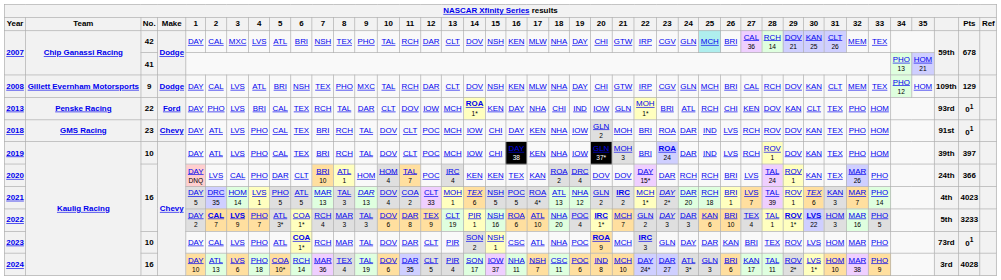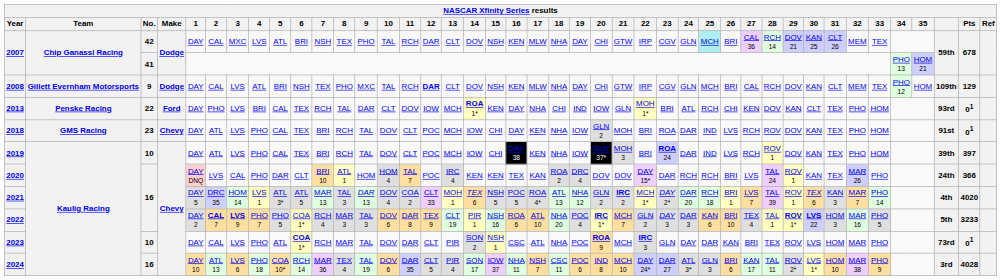 <table class="wikitable" style="text-align:center; font-size:75%">
 <tr>
 <th colspan=45><a href='#'>NASCAR Xfinity Series</a> results</th>
 </tr>
 <tr>
 <th>Year</th>
 <th>Team</th>
 <th>No.</th>
 <th>Make</th>
 <th>1</th>
 <th>2</th>
 <th>3</th>
 <th>4</th>
 <th>5</th>
 <th>6</th>
 <th>7</th>
 <th>8</th>
 <th>9</th>
 <th>10</th>
 <th>11</th>
 <th>12</th>
 <th>13</th>
 <th>14</th>
 <th>15</th>
 <th>16</th>
 <th>17</th>
 <th>18</th>
 <th>19</th>
 <th>20</th>
 <th>21</th>
 <th>22</th>
 <th>23</th>
 <th>24</th>
 <th>25</th>
 <th>26</th>
 <th>27</th>
 <th>28</th>
 <th>29</th>
 <th>30</th>
 <th>31</th>
 <th>32</th>
 <th>33</th>
 <th>34</th>
 <th>35</th>
 <th></th>
 <th>Pts</th>
 <th>Ref</th>
 </tr>
 <tr>
 <th rowspan=2><a href='#'>2007</a></th>
 <th rowspan=2><a href='#'>Chip Ganassi Racing</a></th>
 <th>42</th>
 <th rowspan=2><a href='#'>Dodge</a></th>
 <td><a href='#'>DAY</a></td>
 <td><a href='#'>CAL</a></td>
 <td><a href='#'>MXC</a></td>
 <td><a href='#'>LVS</a></td>
 <td><a href='#'>ATL</a></td>
 <td><a href='#'>BRI</a></td>
 <td><a href='#'>NSH</a></td>
 <td><a href='#'>TEX</a></td>
 <td><a href='#'>PHO</a></td>
 <td><a href='#'>TAL</a></td>
 <td><a href='#'>RCH</a></td>
 <td><a href='#'>DAR</a></td>
 <td><a href='#'>CLT</a></td>
 <td><a href='#'>DOV</a></td>
 <td><a href='#'>NSH</a></td>
 <td><a href='#'>KEN</a></td>
 <td><a href='#'>MLW</a></td>
 <td><a href='#'>NHA</a></td>
 <td><a href='#'>DAY</a></td>
 <td><a href='#'>CHI</a></td>
 <td><a href='#'>GTW</a></td>
 <td><a href='#'>IRP</a></td>
 <td><a href='#'>CGV</a></td>
 <td><a href='#'>GLN</a></td>
 <td style="background: paleturquoise;"><a href='#'>MCH</a></td>
 <td><a href='#'>BRI</a></td>
 <td style="background:#EFCFFF;"><a href='#'>CAL</a><br><small>36</small></td>
 <td style="background:#DFFFDF;"><a href='#'>RCH</a><br><small>14</small></td>
 <td style="background:#CFCFFF;"><a href='#'>DOV</a><br><small>21</small></td>
 <td style="background:#CFCFFF;"><a href='#'>KAN</a><br><small>25</small></td>
 <td style="background:#CFCFFF;"><a href='#'>CLT</a><br><small>26</small></td>
 <td><a href='#'>MEM</a></td>
 <td><a href='#'>TEX</a></td>
 <td colspan=2></td>
 <th rowspan=2>59th</th>
 <th rowspan=2>678</th>
 <th rowspan=2></th>
 </tr>
 <tr>
 <th>41</th>
 <td colspan=33></td>
 <td style="background:#DFFFDF;"><a href='#'>PHO</a><br><small>13</small></td>
 <td style="background:#CFCFFF;"><a href='#'>HOM</a><br><small>21</small></td>
 </tr>
 <tr>
 <th><a href='#'>2008</a></th>
 <th><a href='#'>Gillett Evernham Motorsports</a></th>
 <th>9</th>
 <th><a href='#'>Dodge</a></th>
 <td><a href='#'>DAY</a></td>
 <td><a href='#'>CAL</a></td>
 <td><a href='#'>LVS</a></td>
 <td><a href='#'>ATL</a></td>
 <td><a href='#'>BRI</a></td>
 <td><a href='#'>NSH</a></td>
 <td><a href='#'>TEX</a></td>
 <td><a href='#'>PHO</a></td>
 <td><a href='#'>MXC</a></td>
 <td><a href='#'>TAL</a></td>
 <td><a href='#'>RCH</a></td>
-<td><a href='#'>DAR</a></td>
+<td><strong><a href='#'>DAR</a></strong></td>
 <td><a href='#'>CLT</a></td>
 <td><a href='#'>DOV</a></td>
 <td><a href='#'>NSH</a></td>
 <td><a href='#'>KEN</a></td>
 <td><a href='#'>MLW</a></td>
 <td><a href='#'>NHA</a></td>
 <td><a href='#'>DAY</a></td>
 <td><a href='#'>CHI</a></td>
 <td><a href='#'>GTW</a></td>
 <td><a href='#'>IRP</a></td>
 <td><a href='#'>CGV</a></td>
 <td><a href='#'>GLN</a></td>
 <td><a href='#'>MCH</a></td>
 <td><a href='#'>BRI</a></td>
 <td><a href='#'>CAL</a></td>
 <td><a href='#'>RCH</a></td>
 <td><a href='#'>DOV</a></td>
 <td><a href='#'>KAN</a></td>
 <td><a href='#'>CLT</a></td>
 <td><a href='#'>MEM</a></td>
 <td><a href='#'>TEX</a></td>
 <td style="background:#DFFFDF;"><a href='#'>PHO</a><br><small>12</small></td>
 <td><a href='#'>HOM</a></td>
 <th>109th</th>
 <th>129</th>
 <th></th>
 </tr>
 <tr>
 <th><a href='#'>2013</a></th>
 <th><a href='#'>Penske Racing</a></th>
 <th>22</th>
 <th><a href='#'>Ford</a></th>
 <td><a href='#'>DAY</a></td>
 <td><a href='#'>PHO</a></td>
 <td><a href='#'>LVS</a></td>
 <td><a href='#'>BRI</a></td>
 <td><a href='#'>CAL</a></td>
 <td><a href='#'>TEX</a></td>
 <td><a href='#'>RCH</a></td>
 <td><a href='#'>TAL</a></td>
 <td><a href='#'>DAR</a></td>
 <td><a href='#'>CLT</a></td>
 <td><a href='#'>DOV</a></td>
 <td><a href='#'>IOW</a></td>
 <td><a href='#'>MCH</a></td>
 <td style="background:#FFFFBF;"><strong><a href='#'>ROA</a></strong><br><small>1*</small></td>
 <td><a href='#'>KEN</a></td>
 <td><a href='#'>DAY</a></td>
 <td><a href='#'>NHA</a></td>
 <td><a href='#'>CHI</a></td>
 <td><a href='#'>IND</a></td>
 <td><a href='#'>IOW</a></td>
 <td><a href='#'>GLN</a></td>
 <td style="background:#FFFFBF;"><a href='#'>MOH</a><br><small>1*</small></td>
 <td><a href='#'>BRI</a></td>
 <td><a href='#'>ATL</a></td>
 <td><a href='#'>RCH</a></td>
 <td><a href='#'>CHI</a></td>
 <td><a href='#'>KEN</a></td>
 <td><a href='#'>DOV</a></td>
 <td><a href='#'>KAN</a></td>
 <td><a href='#'>CLT</a></td>
 <td><a href='#'>TEX</a></td>
 <td><a href='#'>PHO</a></td>
 <td><a href='#'>HOM</a></td>
 <td colspan=2></td>
 <th>93rd</th>
 <th>0<sup>1</sup></th>
 <th></th>
 </tr>
 <tr>
 <th><a href='#'>2018</a></th>
 <th><a href='#'>GMS Racing</a></th>
 <th>23</th>
 <th><a href='#'>Chevy</a></th>
 <td><a href='#'>DAY</a></td>
 <td><a href='#'>ATL</a></td>
 <td><a href='#'>LVS</a></td>
 <td><a href='#'>PHO</a></td>
 <td><a href='#'>CAL</a></td>
 <td><a href='#'>TEX</a></td>
 <td><a href='#'>BRI</a></td>
 <td><a href='#'>RCH</a></td>
 <td><a href='#'>TAL</a></td>
 <td><a href='#'>DOV</a></td>
 <td><a href='#'>CLT</a></td>
 <td><a href='#'>POC</a></td>
 <td><a href='#'>MCH</a></td>
 <td><a href='#'>IOW</a></td>
 <td><a href='#'>CHI</a></td>
 <td><a href='#'>DAY</a></td>
 <td><a href='#'>KEN</a></td>
 <td><a href='#'>NHA</a></td>
 <td><a href='#'>IOW</a></td>
 <td style="background:#DFDFDF;"><a href='#'>GLN</a><br><small>2</small></td>
 <td><a href='#'>MOH</a></td>
 <td><a href='#'>BRI</a></td>
 <td><a href='#'>ROA</a></td>
 <td><a href='#'>DAR</a></td>
 <td><a href='#'>IND</a></td>
 <td><a href='#'>LVS</a></td>
 <td><a href='#'>RCH</a></td>
 <td><a href='#'>ROV</a></td>
 <td><a href='#'>DOV</a></td>
 <td><a href='#'>KAN</a></td>
 <td><a href='#'>TEX</a></td>
 <td><a href='#'>PHO</a></td>
 <td><a href='#'>HOM</a></td>
 <td colspan=2></td>
 <th>91st</th>
 <th>0<sup>1</sup></th>
 <th></th>
 </tr>
 <tr>
 <th><a href='#'>2019</a></th>
 <th rowspan=6><a href='#'>Kaulig Racing</a></th>
 <th>10</th>
 <th rowspan=6><a href='#'>Chevy</a></th>
 <td><a href='#'>DAY</a></td>
 <td><a href='#'>ATL</a></td>
 <td><a href='#'>LVS</a></td>
 <td><a href='#'>PHO</a></td>
 <td><a href='#'>CAL</a></td>
 <td><a href='#'>TEX</a></td>
 <td><a href='#'>BRI</a></td>
 <td><a href='#'>RCH</a></td>
 <td><a href='#'>TAL</a></td>
 <td><a href='#'>DOV</a></td>
 <td><a href='#'>CLT</a></td>
 <td><a href='#'>POC</a></td>
 <td><a href='#'>MCH</a></td>
 <td><a href='#'>IOW</a></td>
 <td><a href='#'>CHI</a></td>
 <td style="background:#000000;color:white;"><a href='#'><span>DAY</span></a><br><small>38</small></td>
 <td><a href='#'>KEN</a></td>
 <td><a href='#'>NHA</a></td>
 <td><a href='#'>IOW</a></td>
 <td style="background:#000000;color:white;"><a href='#'><span>GLN</span></a><br><small>37*</small></td>
 <td style="background:#DFDFDF;"><a href='#'>MOH</a><br><small>3</small></td>
 <td><a href='#'>BRI</a></td>
 <td style="background:#CFCFFF;"><strong><a href='#'>ROA</a></strong><br><small>24</small></td>
 <td><a href='#'>DAR</a></td>
 <td><a href='#'>IND</a></td>
 <td><a href='#'>LVS</a></td>
 <td><a href='#'>RCH</a></td>
 <td style="background:#FFFFBF;"><a href='#'>ROV</a><br><small>1</small></td>
 <td><a href='#'>DOV</a></td>
 <td><a href='#'>KAN</a></td>
 <td><a href='#'>TEX</a></td>
 <td><a href='#'>PHO</a></td>
 <td><a href='#'>HOM</a></td>
 <td colspan=2></td>
 <th>39th</th>
 <th>397</th>
 <th></th>
 </tr>
 <tr>
 <th><a href='#'>2020</a></th>
 <th rowspan=3>16</th>
 <td style="background:#FFCFCF;"><a href='#'>DAY</a><br><small>DNQ</small></td>
 <td><a href='#'>LVS</a></td>
 <td><a href='#'>CAL</a></td>
 <td><a href='#'>PHO</a></td>
 <td><a href='#'>DAR</a></td>
 <td><a href='#'>CLT</a></td>
 <td style="background:#FFDF9F;"><a href='#'>BRI</a><br><small>10</small></td>
 <td style="background:#FFFFBF;"><a href='#'>ATL</a><br><small>1</small></td>
 <td><a href='#'>HOM</a></td>
 <td style="background:#DFDFDF;"><a href='#'>HOM</a><br><small>4</small></td>
 <td style="background:#FFDF9F;"><a href='#'>TAL</a><br><small>7</small></td>
 <td><a href='#'>POC</a></td>
 <td style="background:#DFDFDF;"><a href='#'>IRC</a><br><small>4</small></td>
 <td><a href='#'>KEN</a></td>
 <td><a href='#'>KEN</a></td>
 <td><a href='#'>TEX</a></td>
 <td><a href='#'>KAN</a></td>
 <td style="background:#DFDFDF;"><a href='#'>ROA</a><br><small>2</small></td>
 <td style="background:#DFDFDF;"><a href='#'>DRC</a><br><small>4</small></td>
 <td><a href='#'>DOV</a></td>
 <td><a href='#'>DOV</a></td>
 <td style="background:#EFCFFF;"><a href='#'>DAY</a><br><small>15*</small></td>
 <td><a href='#'>DAR</a></td>
 <td><a href='#'>RCH</a></td>
 <td><a href='#'>RCH</a></td>
 <td><a href='#'>BRI</a></td>
 <td><a href='#'>LVS</a></td>
 <td style="background:#EFCFFF;"><a href='#'>TAL</a><br><small>24</small></td>
 <td style="background:#FFFFBF;"><a href='#'>ROV</a><br><small>1</small></td>
 <td><a href='#'>KAN</a></td>
 <td><a href='#'>TEX</a></td>
 <td style="background:#CFCFFF;"><a href='#'>MAR</a><br><small>26</small></td>
 <td><a href='#'>PHO</a></td>
 <td colspan=2></td>
 <th>24th</th>
 <th>366</th>
 <th></th>
 </tr>
 <tr>
 <th><a href='#'>2021</a></th>
 <td style="background:#DFDFDF;"><a href='#'>DAY</a><br><small>5</small></td>
 <td style="background:#CFCFFF;"><a href='#'>DRC</a><br><small>35</small></td>
 <td style="background:#DFFFDF;"><a href='#'>HOM</a><br><small>14</small></td>
 <td style="background:#FFFFBF;"><a href='#'>LVS</a><br><small>1</small></td>
-<td style="background:#DFDFDF;"><a href='#'>PHO</a><br><small>5</small></td>
+<td style="background:#DFDFDF;"><a href='#'>ATL</a><br><small>3*</small></td>
 <td style="background:#DFDFDF;"><a href='#'>ATL</a><br><small>5</small></td>
 <td style="background:#DFFFDF;"><a href='#'>MAR</a><br><small>13</small></td>
 <td style="background:#DFDFDF;"><a href='#'>TAL</a><br><small>3</small></td>
 <td style="background:#DFFFDF;"><em><a href='#'>DAR</a></em><br><small>13</small></td>
 <td style="background:#DFDFDF;"><a href='#'>DOV</a><br><small>4</small></td>
 <td style="background:#DFDFDF;"><a href='#'>COA</a><br><small>2</small></td>
 <td style="background:#EFCFFF;"><a href='#'>CLT</a><br><small>33</small></td>
 <td style="background:#FFFFBF;"><a href='#'>MOH</a><br><small>1</small></td>
 <td style="background:#FFDF9F;"><em><a href='#'>TEX</a></em><br><small>6</small></td>
 <td style="background:#DFDFDF;"><a href='#'>NSH</a><br><small>5</small></td>
 <td style="background:#DFDFDF;"><a href='#'>POC</a><br><small>5</small></td>
 <td style="background:#DFDFDF;"><a href='#'>ROA</a><br><small>4*</small></td>
 <td style="background:#DFFFDF;"><a href='#'>ATL</a><br><small>13</small></td>
 <td style="background:#DFFFDF;"><a href='#'>NHA</a><br><small>12</small></td>
 <td style="background:#DFDFDF;"><a href='#'>GLN</a><br><small>2</small></td>
 <td style="background:#DFDFDF;"><strong><a href='#'>IRC</a></strong><br><small>2</small></td>
 <td style="background:#FFFFBF;"><a href='#'>MCH</a><br><small>1*</small></td>
 <td style="background:#DFDFDF;"><em><a href='#'>DAY</a></em><br><small>2*</small></td>
 <td style="background:#DFFFDF;"><a href='#'>DAR</a><br><small>20</small></td>
 <td style="background:#DFFFDF;"><a href='#'>RCH</a><br><small>18</small></td>
 <td style="background:#FFFFBF;"><a href='#'>BRI</a><br><small>1</small></td>
 <td style="background:#FFDF9F;"><a href='#'>LVS</a><br><small>7</small></td>
 <td style="background:#EFCFFF;"><a href='#'>TAL</a><br><small>39</small></td>
 <td style="background:#FFFFBF;"><a href='#'>ROV</a><br><small>1</small></td>
 <td style="background:#FFDF9F;"><em><a href='#'>TEX</a></em><br><small>6</small></td>
 <td style="background:#DFDFDF;"><a href='#'>KAN</a><br><small>3</small></td>
 <td style="background:#FFDF9F;'"><a href='#'>MAR</a><br><small>7</small></td>
 <td style="background:#DFFFDF;"><a href='#'>PHO</a><br><small>14</small></td>
 <td colspan=2></td>
 <th>4th</th>
-<th>4023</th>
+<th>4020</th>
 <th></th>
 </tr>
 <tr>
 <th><a href='#'>2022</a></th>
 <td style="background:#DFDFDF;"><a href='#'>DAY</a><br><small>2</small></td>
 <td style="background:#FFDF9F;"><strong><a href='#'>CAL</a></strong><br><small>7</small></td>
 <td style="background:#FFDF9F;"><strong><a href='#'>LVS</a></strong><br><small>9</small></td>
 <td style="background:#FFDF9F;"><a href='#'>PHO</a><br><small>7</small></td>
-<td style="background:#DFDFDF;"><a href='#'>ATL</a><br><small>3*</small></td>
+<td style="background:#DFDFDF;"><a href='#'>PHO</a><br><small>5</small></td>
 <td style="background:#FFFFBF;"><a href='#'>COA</a><br><small>1*</small></td>
 <td style="background:#DFDFDF;"><a href='#'>RCH</a><br><small>4</small></td>
 <td style="background:#DFDFDF;"><a href='#'>MAR</a><br><small>3</small></td>
 <td style="background:#DFDFDF;"><a href='#'>TAL</a><br><small>3</small></td>
 <td style="background:#FFDF9F;"><a href='#'>DOV</a><br><small>6</small></td>
 <td style="background:#FFDF9F;"><a href='#'>DAR</a><br><small>8</small></td>
 <td style="background:#FFDF9F;"><a href='#'>TEX</a><br><small>9</small></td>
 <td style="background:#DFFFDF;"><a href='#'>CLT</a><br><small>19</small></td>
 <td style="background:#FFFFBF;"><a href='#'>PIR</a><br><small>1</small></td>
 <td style="background:#DFFFDF;"><a href='#'>NSH</a><br><small>16</small></td>
 <td style="background:#FFDF9F;"><a href='#'>ROA</a><br><small>6</small></td>
 <td style="background:#FFDF9F;"><a href='#'>ATL</a><br><small>10</small></td>
 <td style="background:#DFFFDF;"><a href='#'>NHA</a><br><small>20</small></td>
 <td style="background:#DFDFDF;"><a href='#'>POC</a><br><small>4</small></td>
 <td style="background:#FFFFBF;"><strong><a href='#'>IRC</a></strong><br><small>1*</small></td>
 <td style="background:#FFDF9F;"><a href='#'>MCH</a><br><small>7</small></td>
 <td style="background:#DFDFDF;"><a href='#'>GLN</a><br><small>2</small></td>
 <td style="background:#DFDFDF;"><em><a href='#'>DAY</a></em><br><small>3</small></td>
 <td style="background:#DFDFDF;"><a href='#'>DAR</a><br><small>3</small></td>
 <td style="background:#FFDF9F;"><a href='#'>KAN</a><br><small>6</small></td>
 <td style="background:#FFDF9F;"><a href='#'>BRI</a><br><small>10</small></td>
 <td style="background:#DFDFDF;"><a href='#'>TEX</a><br><small>4</small></td>
 <td style="background:#FFFFBF;"><a href='#'>TAL</a><br><small>1</small></td>
 <td style="background:#FFFFBF;"><strong><a href='#'>ROV</a></strong><br><small>1*</small></td>
 <td style="background:#CFCFFF;"><strong><a href='#'>LVS</a></strong><br><small>22</small></td>
 <td style="background:#DFDFDF;"><a href='#'>HOM</a><br><small>3</small></td>
 <td style="background:#DFFFDF;"><a href='#'>MAR</a><br><small>16</small></td>
 <td style="background:#DFDFDF;"><a href='#'>PHO</a><br><small>5</small></td>
 <td colspan=2></td>
 <th>5th</th>
 <th>3233</th>
 <th></th>
 </tr>
 <tr>
 <th><a href='#'>2023</a></th>
 <th>10</th>
 <td><a href='#'>DAY</a></td>
 <td><a href='#'>CAL</a></td>
 <td><a href='#'>LVS</a></td>
 <td><a href='#'>PHO</a></td>
 <td><a href='#'>ATL</a></td>
 <td style="background:#FFFFBF;"><strong><a href='#'>COA</a></strong><br><small>1*</small></td>
 <td><a href='#'>RCH</a></td>
 <td><a href='#'>MAR</a></td>
 <td><a href='#'>TAL</a></td>
 <td><a href='#'>DOV</a></td>
 <td><a href='#'>DAR</a></td>
 <td><a href='#'>CLT</a></td>
 <td><a href='#'>PIR</a></td>
 <td style="background:#DFDFDF;"><a href='#'>SON</a><br><small>2</small></td>
 <td style="background:#FFFFBF;"><a href='#'>NSH</a><br><small>1</small></td>
 <td><a href='#'>CSC</a></td>
 <td><a href='#'>ATL</a></td>
 <td><a href='#'>NHA</a></td>
 <td><a href='#'>POC</a></td>
 <td style="background:#FFDF9F;"><strong><a href='#'>ROA</a></strong><br><small>9</small></td>
 <td><a href='#'>MCH</a></td>
 <td style="background:#DFDFDF;"><strong><a href='#'>IRC</a></strong><br><small>3</small></td>
 <td><a href='#'>GLN</a></td>
 <td><a href='#'>DAY</a></td>
 <td><a href='#'>DAR</a></td>
 <td><a href='#'>KAN</a></td>
 <td><a href='#'>BRI</a></td>
 <td><a href='#'>TEX</a></td>
 <td><a href='#'>ROV</a></td>
 <td><a href='#'>LVS</a></td>
 <td><a href='#'>HOM</a></td>
 <td><a href='#'>MAR</a></td>
 <td><a href='#'>PHO</a></td>
 <td colspan=2></td>
 <th>73rd</th>
 <th>0<sup>1</sup></th>
 <th></th>
 </tr>
 <tr>
 <th><a href='#'>2024</a></th>
 <th>16</th>
 <td style="background:#FFDF9F;"><a href='#'>DAY</a><br><small>10</small></td>
 <td style="background:#DFFFDF;"><a href='#'>ATL</a><br><small>13</small></td>
 <td style="background:#FFDF9F;"><a href='#'>LVS</a><br><small>6</small></td>
 <td style="background:#DFFFDF;"><a href='#'>PHO</a><br><small>18</small></td>
 <td style="background:#FFDF9F;"><a href='#'>COA</a><br><small>10*</small></td>
 <td style="background:#DFFFDF;"><a href='#'>RCH</a><br><small>14</small></td>
 <td style="background:#EFCFFF;"><a href='#'>MAR</a><br><small>36</small></td>
 <td style="background:#DFDFDF;"><a href='#'>TEX</a><br><small>4</small></td>
 <td style="background:#DFFFDF;"><a href='#'>TAL</a><br><small>19</small></td>
 <td style="background:#FFDF9F;"><a href='#'>DOV</a><br><small>6</small></td>
 <td style="background:#CFCFFF;"><a href='#'>DAR</a><br><small>35</small></td>
 <td style="background:#DFDFDF;"><a href='#'>CLT</a><br><small>5</small></td>
 <td style="background:#DFDFDF;"><a href='#'>PIR</a><br><small>4</small></td>
 <td style="background:#DFFFDF;"><a href='#'>SON</a><br><small>17</small></td>
 <td style="background:#EFCFFF;"><a href='#'>IOW</a><br><small>37</small></td>
 <td style="background:#DFFFDF;"><a href='#'>NHA</a><br><small>11</small></td>
 <td style="background:#FFDF9F;"><a href='#'>NSH</a><br><small>7</small></td>
 <td style="background:#DFFFDF;"><a href='#'>CSC</a><br><small>11</small></td>
 <td style="background:#FFDF9F;"><a href='#'>POC</a><br><small>6</small></td>
 <td style="background:#FFDF9F;"><a href='#'>IND</a><br><small>8</small></td>
 <td style="background:#FFDF9F;"><a href='#'>MCH</a><br><small>10</small></td>
 <td style="background:#CFCFFF;"><a href='#'>DAY</a><br><small>24*</small></td>
 <td style="background:#CFCFFF;"><a href='#'>DAR</a><br><small>27</small></td>
 <td style="background:#DFDFDF;"><a href='#'>ATL</a><br><small>3*</small></td>
 <td style="background:#DFDFDF;"><a href='#'>GLN</a><br><small>3</small></td>
 <td style="background:#FFDF9F;"><a href='#'>BRI</a><br><small>6</small></td>
 <td style="background:#DFFFDF;"><a href='#'>KAN</a><br><small>17</small></td>
 <td style="background:#DFFFDF;"><a href='#'>TAL</a><br><small>11</small></td>
 <td style="background:#DFDFDF;"><a href='#'>ROV</a><br><small>2*</small></td>
 <td style="background:#FFFFBF;"><a href='#'>LVS</a><br><small>1*</small></td>
 <td style="background:#FFDF9F;"><a href='#'>HOM</a><br><small>10</small></td>
 <td style="background:#EFCFFF;"><a href='#'>MAR</a><br><small>38</small></td>
 <td style="background:#FFDF9F;"><a href='#'>PHO</a><br><small>9</small></td>
 <td colspan=2></td>
 <th>3rd</th>
 <th>4028</th>
 <th></th>
 </tr>
 </table>
